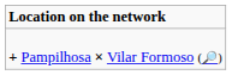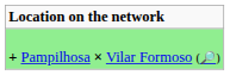 <table role="presentation" class="wikitable mw-collapsible mw-collapsed floatright">
 <tr>
 <td><strong>Location on the network</strong></td>
 </tr>
 <tr>
-<td><br><span><strong>+</strong> <a href='#'>Pampilhosa</a></span> <span><strong>×</strong> <a href='#'>Vilar Formoso</a></span> <small>(<a href='#'>🔎</a>)</small></td>
+<td style="background: lightgreen;"><br><span><strong>+</strong> <a href='#'>Pampilhosa</a></span> <span><strong>×</strong> <a href='#'>Vilar Formoso</a></span> <small>(<a href='#'>🔎</a>)</small></td>
 </tr>
 </table>
